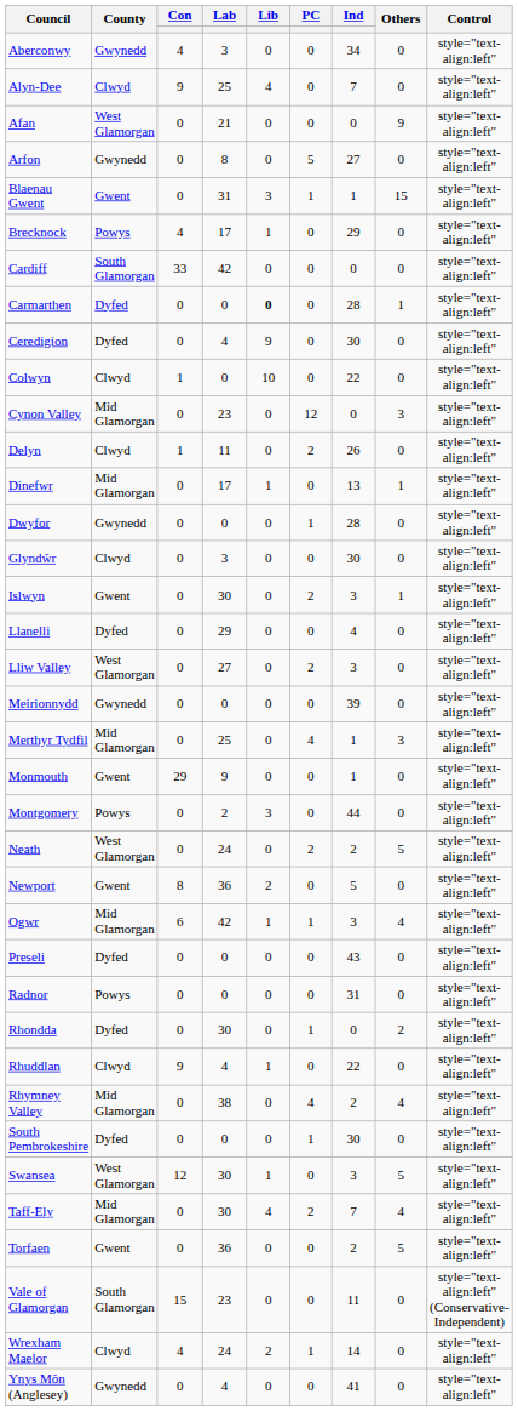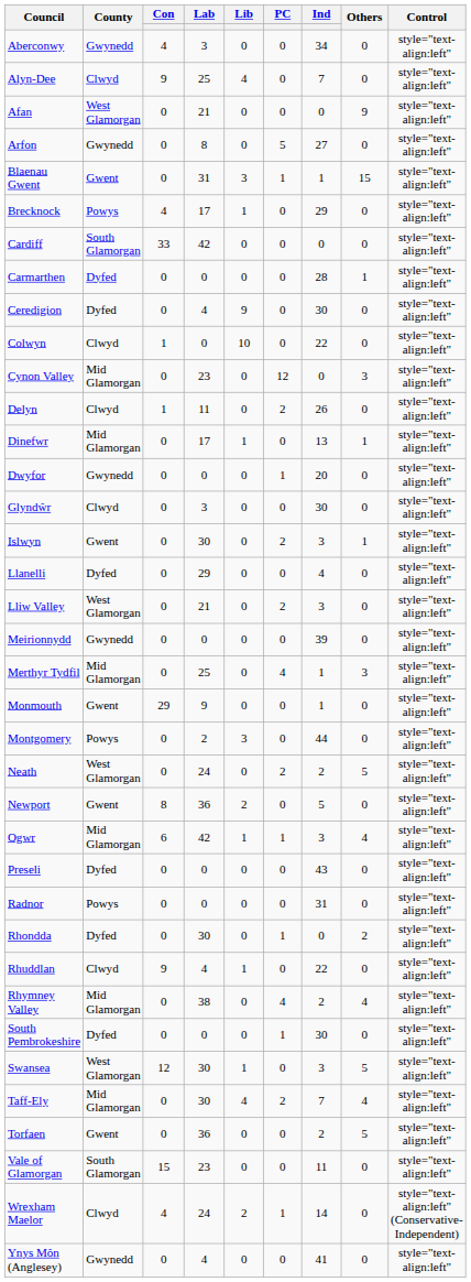 <table class="wikitable" style="text-align:center;">
 <tr>
 <th rowspan=2>Council</th>
 <th rowspan=2>County</th>
 <th style="width:60px;"><a href='#'>Con</a></th>
 <th style="width:60px;"><a href='#'>Lab</a></th>
 <th style="width:60px;"><a href='#'>Lib</a></th>
 <th style="width:60px;"><a href='#'>PC</a></th>
 <th style="width:60px;"><a href='#'>Ind</a></th>
 <th style="width:60px;" rowspan=2>Others</th>
 <th rowspan=2 colspan=2>Control</th>
 </tr>
 <tr>
 <th style="background:"></th>
 <th style="background:"></th>
 <th style="background:"></th>
 <th style="background:"></th>
 <th style="background:"></th>
 </tr>
 <tr>
 <td style="text-align:left"><a href='#'>Aberconwy</a></td>
 <td style="text-align:left"><a href='#'>Gwynedd</a></td>
 <td>4</td>
 <td>3</td>
 <td>0</td>
 <td>0</td>
 <td>34</td>
 <td>0</td>
 <td>style="text-align:left" </td>
 </tr>
 <tr>
 <td style="text-align:left"><a href='#'>Alyn-Dee</a></td>
 <td style="text-align:left"><a href='#'>Clwyd</a></td>
 <td>9</td>
 <td>25</td>
 <td>4</td>
 <td>0</td>
 <td>7</td>
 <td>0</td>
 <td>style="text-align:left" </td>
 </tr>
 <tr>
 <td style="text-align:left"><a href='#'>Afan</a></td>
 <td style="text-align:left"><a href='#'>West Glamorgan</a></td>
 <td>0</td>
 <td>21</td>
 <td>0</td>
 <td>0</td>
 <td>0</td>
 <td>9</td>
 <td>style="text-align:left" </td>
 </tr>
 <tr>
 <td style="text-align:left"><a href='#'>Arfon</a></td>
 <td style="text-align:left">Gwynedd</td>
 <td>0</td>
 <td>8</td>
 <td>0</td>
 <td>5</td>
 <td>27</td>
 <td>0</td>
 <td>style="text-align:left" </td>
 </tr>
 <tr>
 <td style="text-align:left"><a href='#'>Blaenau Gwent</a></td>
 <td style="text-align:left"><a href='#'>Gwent</a></td>
 <td>0</td>
 <td>31</td>
 <td>3</td>
 <td>1</td>
 <td>1</td>
 <td>15</td>
 <td>style="text-align:left" </td>
 </tr>
 <tr>
 <td style="text-align:left"><a href='#'>Brecknock</a></td>
 <td style="text-align:left"><a href='#'>Powys</a></td>
 <td>4</td>
 <td>17</td>
 <td>1</td>
 <td>0</td>
 <td>29</td>
 <td>0</td>
 <td>style="text-align:left" </td>
 </tr>
 <tr>
 <td style="text-align:left"><a href='#'>Cardiff</a></td>
 <td style="text-align:left"><a href='#'>South Glamorgan</a></td>
 <td>33</td>
 <td>42</td>
 <td>0</td>
 <td>0</td>
 <td>0</td>
 <td>0</td>
 <td>style="text-align:left" </td>
 </tr>
 <tr>
 <td style="text-align:left"><a href='#'>Carmarthen</a></td>
 <td style="text-align:left"><a href='#'>Dyfed</a></td>
 <td>0</td>
 <td>0</td>
-<td><strong>0</strong></td>
+<td>0</td>
 <td>0</td>
 <td>28</td>
 <td>1</td>
 <td>style="text-align:left" </td>
 </tr>
 <tr>
 <td style="text-align:left"><a href='#'>Ceredigion</a></td>
 <td style="text-align:left">Dyfed</td>
 <td>0</td>
 <td>4</td>
 <td>9</td>
 <td>0</td>
 <td>30</td>
 <td>0</td>
 <td>style="text-align:left" </td>
 </tr>
 <tr>
 <td style="text-align:left"><a href='#'>Colwyn</a></td>
 <td style="text-align:left">Clwyd</td>
 <td>1</td>
 <td>0</td>
 <td>10</td>
 <td>0</td>
 <td>22</td>
 <td>0</td>
 <td>style="text-align:left" </td>
 </tr>
 <tr>
 <td style="text-align:left"><a href='#'>Cynon Valley</a></td>
 <td style="text-align:left">Mid Glamorgan</td>
 <td>0</td>
 <td>23</td>
 <td>0</td>
 <td>12</td>
 <td>0</td>
 <td>3</td>
 <td>style="text-align:left" </td>
 </tr>
 <tr>
 <td style="text-align:left"><a href='#'>Delyn</a></td>
 <td style="text-align:left">Clwyd</td>
 <td>1</td>
 <td>11</td>
 <td>0</td>
 <td>2</td>
 <td>26</td>
 <td>0</td>
 <td>style="text-align:left" </td>
 </tr>
 <tr>
 <td style="text-align:left"><a href='#'>Dinefwr</a></td>
 <td style="text-align:left">Mid Glamorgan</td>
 <td>0</td>
 <td>17</td>
 <td>1</td>
 <td>0</td>
 <td>13</td>
 <td>1</td>
 <td>style="text-align:left" </td>
 </tr>
 <tr>
 <td style="text-align:left"><a href='#'>Dwyfor</a></td>
 <td style="text-align:left">Gwynedd</td>
 <td>0</td>
 <td>0</td>
 <td>0</td>
 <td>1</td>
-<td>28</td>
+<td>20</td>
 <td>0</td>
 <td>style="text-align:left" </td>
 </tr>
 <tr>
 <td style="text-align:left"><a href='#'>Glyndŵr</a></td>
 <td style="text-align:left">Clwyd</td>
 <td>0</td>
 <td>3</td>
 <td>0</td>
 <td>0</td>
 <td>30</td>
 <td>0</td>
 <td>style="text-align:left" </td>
 </tr>
 <tr>
 <td style="text-align:left"><a href='#'>Islwyn</a></td>
 <td style="text-align:left">Gwent</td>
 <td>0</td>
 <td>30</td>
 <td>0</td>
 <td>2</td>
 <td>3</td>
 <td>1</td>
 <td>style="text-align:left" </td>
 </tr>
 <tr>
 <td style="text-align:left"><a href='#'>Llanelli</a></td>
 <td style="text-align:left">Dyfed</td>
 <td>0</td>
 <td>29</td>
 <td>0</td>
 <td>0</td>
 <td>4</td>
 <td>0</td>
 <td>style="text-align:left" </td>
 </tr>
 <tr>
 <td style="text-align:left"><a href='#'>Lliw Valley</a></td>
 <td style="text-align:left">West Glamorgan</td>
 <td>0</td>
-<td>27</td>
+<td>21</td>
 <td>0</td>
 <td>2</td>
 <td>3</td>
 <td>0</td>
 <td>style="text-align:left" </td>
 </tr>
 <tr>
 <td style="text-align:left"><a href='#'>Meirionnydd</a></td>
 <td style="text-align:left">Gwynedd</td>
 <td>0</td>
 <td>0</td>
 <td>0</td>
 <td>0</td>
 <td>39</td>
 <td>0</td>
 <td>style="text-align:left" </td>
 </tr>
 <tr>
 <td style="text-align:left"><a href='#'>Merthyr Tydfil</a></td>
 <td style="text-align:left">Mid Glamorgan</td>
 <td>0</td>
 <td>25</td>
 <td>0</td>
 <td>4</td>
 <td>1</td>
 <td>3</td>
 <td>style="text-align:left" </td>
 </tr>
 <tr>
 <td style="text-align:left"><a href='#'>Monmouth</a></td>
 <td style="text-align:left">Gwent</td>
 <td>29</td>
 <td>9</td>
 <td>0</td>
 <td>0</td>
 <td>1</td>
 <td>0</td>
 <td>style="text-align:left" </td>
 </tr>
 <tr>
 <td style="text-align:left"><a href='#'>Montgomery</a></td>
 <td style="text-align:left">Powys</td>
 <td>0</td>
 <td>2</td>
 <td>3</td>
 <td>0</td>
 <td>44</td>
 <td>0</td>
 <td>style="text-align:left" </td>
 </tr>
 <tr>
 <td style="text-align:left"><a href='#'>Neath</a></td>
 <td style="text-align:left">West Glamorgan</td>
 <td>0</td>
 <td>24</td>
 <td>0</td>
 <td>2</td>
 <td>2</td>
 <td>5</td>
 <td>style="text-align:left" </td>
 </tr>
 <tr>
 <td style="text-align:left"><a href='#'>Newport</a></td>
 <td style="text-align:left">Gwent</td>
 <td>8</td>
 <td>36</td>
 <td>2</td>
 <td>0</td>
 <td>5</td>
 <td>0</td>
 <td>style="text-align:left" </td>
 </tr>
 <tr>
 <td style="text-align:left"><a href='#'>Ogwr</a></td>
 <td style="text-align:left">Mid Glamorgan</td>
 <td>6</td>
 <td>42</td>
 <td>1</td>
 <td>1</td>
 <td>3</td>
 <td>4</td>
 <td>style="text-align:left" </td>
 </tr>
 <tr>
 <td style="text-align:left"><a href='#'>Preseli</a></td>
 <td style="text-align:left">Dyfed</td>
 <td>0</td>
 <td>0</td>
 <td>0</td>
 <td>0</td>
 <td>43</td>
 <td>0</td>
 <td>style="text-align:left" </td>
 </tr>
 <tr>
 <td style="text-align:left"><a href='#'>Radnor</a></td>
 <td style="text-align:left">Powys</td>
 <td>0</td>
 <td>0</td>
 <td>0</td>
 <td>0</td>
 <td>31</td>
 <td>0</td>
 <td>style="text-align:left" </td>
 </tr>
 <tr>
 <td style="text-align:left"><a href='#'>Rhondda</a></td>
 <td style="text-align:left">Dyfed</td>
 <td>0</td>
 <td>30</td>
 <td>0</td>
 <td>1</td>
 <td>0</td>
 <td>2</td>
 <td>style="text-align:left" </td>
 </tr>
 <tr>
 <td style="text-align:left"><a href='#'>Rhuddlan</a></td>
 <td style="text-align:left">Clwyd</td>
 <td>9</td>
 <td>4</td>
 <td>1</td>
 <td>0</td>
 <td>22</td>
 <td>0</td>
 <td>style="text-align:left" </td>
 </tr>
 <tr>
 <td style="text-align:left"><a href='#'>Rhymney Valley</a></td>
 <td style="text-align:left">Mid Glamorgan</td>
 <td>0</td>
 <td>38</td>
 <td>0</td>
 <td>4</td>
 <td>2</td>
 <td>4</td>
 <td>style="text-align:left" </td>
 </tr>
 <tr>
 <td style="text-align:left"><a href='#'>South Pembrokeshire</a></td>
 <td style="text-align:left">Dyfed</td>
 <td>0</td>
 <td>0</td>
 <td>0</td>
 <td>1</td>
 <td>30</td>
 <td>0</td>
 <td>style="text-align:left" </td>
 </tr>
 <tr>
 <td style="text-align:left"><a href='#'>Swansea</a></td>
 <td style="text-align:left">West Glamorgan</td>
 <td>12</td>
 <td>30</td>
 <td>1</td>
 <td>0</td>
 <td>3</td>
 <td>5</td>
 <td>style="text-align:left" </td>
 </tr>
 <tr>
 <td style="text-align:left"><a href='#'>Taff-Ely</a></td>
 <td style="text-align:left">Mid Glamorgan</td>
 <td>0</td>
 <td>30</td>
 <td>4</td>
 <td>2</td>
 <td>7</td>
 <td>4</td>
 <td>style="text-align:left" </td>
 </tr>
 <tr>
 <td style="text-align:left"><a href='#'>Torfaen</a></td>
 <td style="text-align:left">Gwent</td>
 <td>0</td>
 <td>36</td>
 <td>0</td>
 <td>0</td>
 <td>2</td>
 <td>5</td>
 <td>style="text-align:left" </td>
 </tr>
 <tr>
 <td style="text-align:left"><a href='#'>Vale of Glamorgan</a></td>
 <td style="text-align:left">South Glamorgan</td>
 <td>15</td>
 <td>23</td>
 <td>0</td>
 <td>0</td>
 <td>11</td>
 <td>0</td>
-<td>style="text-align:left"  (Conservative-Independent)</td>
+<td>style="text-align:left" </td>
 </tr>
 <tr>
 <td style="text-align:left"><a href='#'>Wrexham Maelor</a></td>
 <td style="text-align:left">Clwyd</td>
 <td>4</td>
 <td>24</td>
 <td>2</td>
 <td>1</td>
 <td>14</td>
 <td>0</td>
-<td>style="text-align:left" </td>
+<td>style="text-align:left"  (Conservative-Independent)</td>
 </tr>
 <tr>
 <td style="text-align:left"><a href='#'>Ynys Môn</a> (Anglesey)</td>
 <td style="text-align:left">Gwynedd</td>
 <td>0</td>
 <td>4</td>
 <td>0</td>
 <td>0</td>
 <td>41</td>
 <td>0</td>
 <td>style="text-align:left" </td>
 </tr>
 </table>
